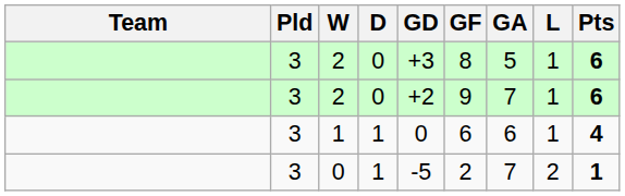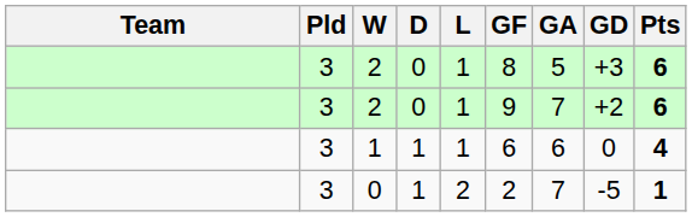 <table class="wikitable" style="text-align: center;">
 <tr>
 <th width="175">Team</th>
 <th width="20">Pld</th>
 <th width="20">W</th>
 <th width="20">D</th>
-<th width="20">GD</th>
+<th width="20">L</th>
 <th width="20">GF</th>
 <th width="20">GA</th>
-<th width="20">L</th>
+<th width="20">GD</th>
 <th width="20">Pts</th>
 </tr>
 <tr bgcolor="#ccffcc">
 <td style="text-align:left;"></td>
 <td>3</td>
 <td>2</td>
 <td>0</td>
-<td>+3</td>
+<td>1</td>
 <td>8</td>
 <td>5</td>
-<td>1</td>
+<td>+3</td>
 <td><strong>6</strong></td>
 </tr>
 <tr align=center bgcolor="ccffcc">
 <td style="text-align:left;"></td>
 <td>3</td>
 <td>2</td>
 <td>0</td>
-<td>+2</td>
+<td>1</td>
 <td>9</td>
 <td>7</td>
-<td>1</td>
+<td>+2</td>
 <td><strong>6</strong></td>
 </tr>
 <tr align=center>
 <td style="text-align:left;"><strong></strong></td>
 <td>3</td>
 <td>1</td>
 <td>1</td>
-<td>0</td>
+<td>1</td>
 <td>6</td>
 <td>6</td>
-<td>1</td>
+<td>0</td>
 <td><strong>4</strong></td>
 </tr>
 <tr align=center>
 <td style="text-align:left;"></td>
 <td>3</td>
 <td>0</td>
 <td>1</td>
-<td>-5</td>
+<td>2</td>
 <td>2</td>
 <td>7</td>
-<td>2</td>
+<td>-5</td>
 <td><strong>1</strong></td>
 </tr>
 </table>
